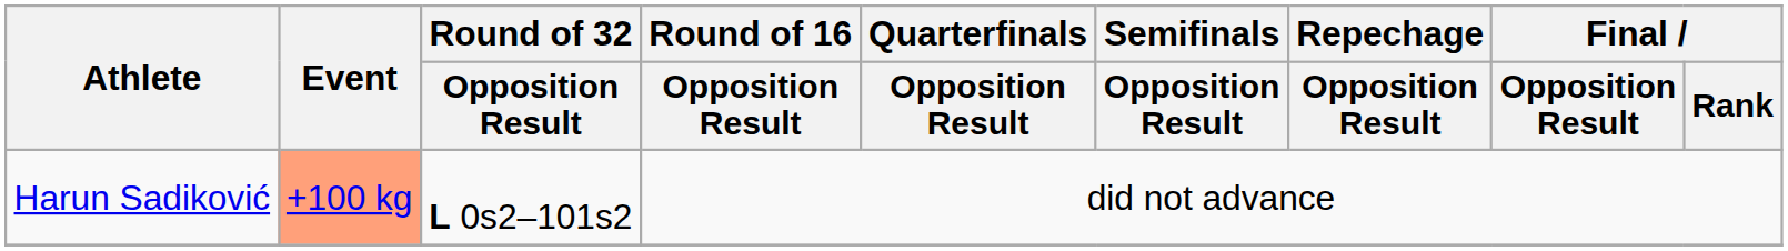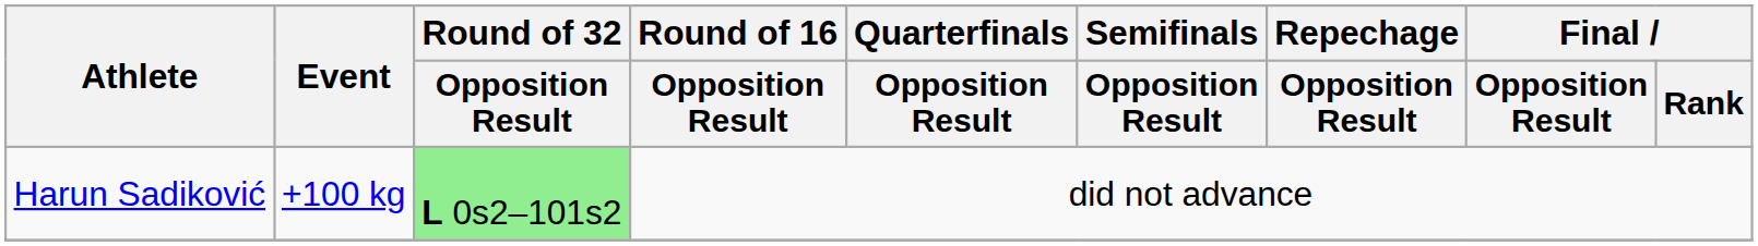 <table class="wikitable" style="text-align:center; font-size:90%">
 <tr>
 <th rowspan=2>Athlete</th>
 <th rowspan=2>Event</th>
 <th>Round of 32</th>
 <th>Round of 16</th>
 <th>Quarterfinals</th>
 <th>Semifinals</th>
 <th>Repechage</th>
 <th colspan=2>Final / </th>
 </tr>
 <tr style="font-size:95%">
 <th>Opposition<br>Result</th>
 <th>Opposition<br>Result</th>
 <th>Opposition<br>Result</th>
 <th>Opposition<br>Result</th>
 <th>Opposition<br>Result</th>
 <th>Opposition<br>Result</th>
 <th>Rank</th>
 </tr>
 <tr>
 <td align=left><a href='#'>Harun Sadiković</a></td>
-<td align=left style="background: lightsalmon;"><a href='#'>+100 kg</a></td>
-<td><br><strong>L</strong> 0s2–101s2</td>
+<td align=left><a href='#'>+100 kg</a></td>
+<td style="background: lightgreen;"><br><strong>L</strong> 0s2–101s2</td>
 <td colspan=6>did not advance</td>
 </tr>
 <tr>
 </tr>
 </table>
